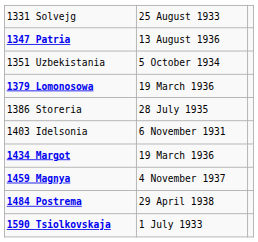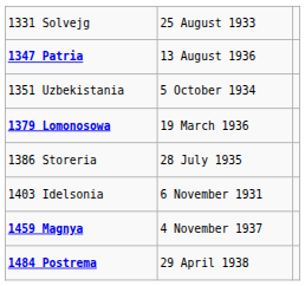 <table class="wikitable" style="font-size: 89%; float: left; width: 26em; margin-right: 1em; height: 280px;">
 <tr>
 <td>1331 Solvejg</td>
 <td>25 August 1933</td>
 <td></td>
 </tr>
 <tr>
 <td><strong><a href='#'>1347 Patria</a></strong></td>
 <td>13 August 1936</td>
 <td></td>
 </tr>
 <tr>
 <td>1351 Uzbekistania</td>
 <td>5 October 1934</td>
 <td></td>
 </tr>
 <tr>
 <td><strong><a href='#'>1379 Lomonosowa</a></strong></td>
 <td>19 March 1936</td>
 <td></td>
 </tr>
 <tr>
 <td>1386 Storeria</td>
 <td>28 July 1935</td>
 <td></td>
 </tr>
 <tr>
 <td>1403 Idelsonia</td>
 <td>6 November 1931</td>
 <td></td>
 </tr>
 <tr>
-<td><strong><a href='#'>1434 Margot</a></strong></td>
-<td>19 March 1936</td>
-<td></td>
-</tr>
-<tr>
 <td><strong><a href='#'>1459 Magnya</a></strong></td>
 <td>4 November 1937</td>
 <td></td>
 </tr>
 <tr>
 <td><strong><a href='#'>1484 Postrema</a></strong></td>
 <td>29 April 1938</td>
 <td></td>
 </tr>
-<tr>
-<td><strong><a href='#'>1590 Tsiolkovskaja</a></strong></td>
-<td>1 July 1933</td>
-<td></td>
-</tr>
 </table>
